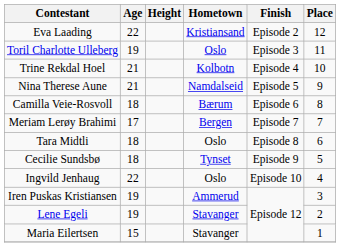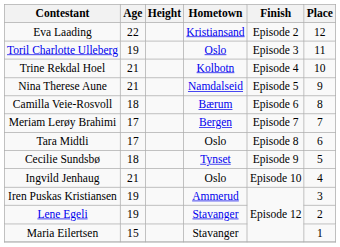 <table class="wikitable sortable" style="text-align:center;">
 <tr>
 <th>Contestant</th>
 <th>Age</th>
 <th>Height</th>
 <th>Hometown</th>
 <th>Finish</th>
 <th>Place</th>
 </tr>
 <tr>
 <td>Eva Laading</td>
 <td>22</td>
 <td></td>
 <td><a href='#'>Kristiansand</a></td>
 <td>Episode 2</td>
 <td>12</td>
 </tr>
 <tr>
 <td><a href='#'>Toril Charlotte Ulleberg</a></td>
 <td>19</td>
 <td></td>
 <td><a href='#'>Oslo</a></td>
 <td>Episode 3</td>
 <td>11</td>
 </tr>
 <tr>
 <td>Trine Rekdal Hoel</td>
 <td>21</td>
 <td></td>
 <td><a href='#'>Kolbotn</a></td>
 <td>Episode 4</td>
 <td>10</td>
 </tr>
 <tr>
 <td>Nina Therese Aune</td>
 <td>21</td>
 <td></td>
 <td><a href='#'>Namdalseid</a></td>
 <td>Episode 5</td>
 <td>9</td>
 </tr>
 <tr>
 <td>Camilla Veie-Rosvoll</td>
 <td>18</td>
 <td></td>
 <td><a href='#'>Bærum</a></td>
 <td>Episode 6</td>
 <td>8</td>
 </tr>
 <tr>
 <td>Meriam Lerøy Brahimi</td>
 <td>17</td>
 <td></td>
 <td><a href='#'>Bergen</a></td>
 <td>Episode 7</td>
 <td>7</td>
 </tr>
 <tr>
 <td>Tara Midtli</td>
-<td>18</td>
+<td>17</td>
 <td></td>
 <td>Oslo</td>
 <td>Episode 8</td>
 <td>6</td>
 </tr>
 <tr>
 <td>Cecilie Sundsbø</td>
 <td>18</td>
 <td></td>
 <td><a href='#'>Tynset</a></td>
 <td>Episode 9</td>
 <td>5</td>
 </tr>
 <tr>
 <td>Ingvild Jenhaug</td>
-<td>22</td>
+<td>21</td>
 <td></td>
 <td>Oslo</td>
 <td>Episode 10</td>
 <td>4</td>
 </tr>
 <tr>
 <td>Iren Puskas Kristiansen</td>
 <td>19</td>
 <td></td>
 <td><a href='#'>Ammerud</a></td>
 <td rowspan="3">Episode 12</td>
 <td>3</td>
 </tr>
 <tr>
 <td><a href='#'>Lene Egeli</a></td>
 <td>19</td>
 <td></td>
 <td><a href='#'>Stavanger</a></td>
 <td>2</td>
 </tr>
 <tr>
 <td>Maria Eilertsen</td>
 <td>15</td>
 <td></td>
 <td>Stavanger</td>
 <td>1</td>
 </tr>
 <tr>
 </tr>
 </table>
